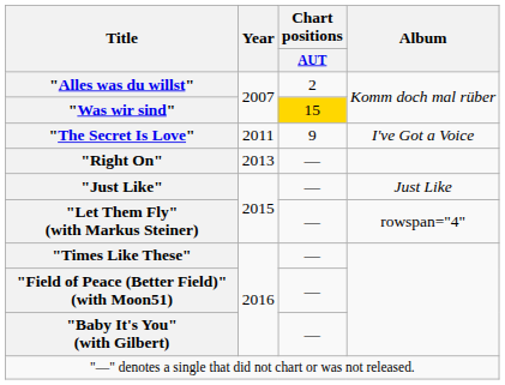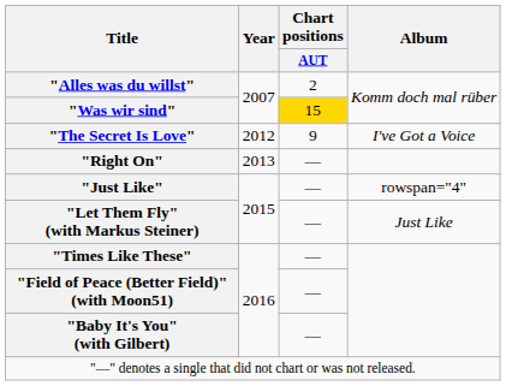 <table class="wikitable plainrowheaders" style="text-align:center;" border="1">
 <tr>
 <th scope="col" rowspan="2" style="width:14em;">Title</th>
 <th scope="col" rowspan="2" style="width:1em;">Year</th>
 <th scope="col" colspan="1">Chart positions</th>
 <th scope="col" rowspan="2">Album</th>
 </tr>
 <tr>
 <th scope="col" style="width:3em;font-size:85%"><a href='#'>AUT</a></th>
 </tr>
 <tr>
 <th scope="row">"<a href='#'>Alles was du willst</a>"</th>
 <td rowspan="2">2007</td>
 <td>2</td>
 <td rowspan="2"><em>Komm doch mal rüber</em></td>
 </tr>
 <tr>
 <th scope="row">"<a href='#'>Was wir sind</a>"</th>
 <td style="background: gold;">15</td>
 </tr>
 <tr>
 <th scope="row">"<a href='#'>The Secret Is Love</a>"</th>
-<td>2011</td>
+<td>2012</td>
 <td>9</td>
 <td><em>I've Got a Voice</em></td>
 </tr>
 <tr>
 <th scope="row">"Right On"</th>
 <td>2013</td>
 <td>—</td>
 <td></td>
 </tr>
 <tr>
 <th scope="row">"Just Like"</th>
 <td rowspan="2">2015</td>
 <td>—</td>
-<td><em>Just Like</em></td>
+<td>rowspan="4" </td>
 </tr>
 <tr>
 <th scope="row">"Let Them Fly"<br><span>(with Markus Steiner)</span></th>
 <td>—</td>
-<td>rowspan="4" </td>
+<td><em>Just Like</em></td>
 </tr>
 <tr>
 <th scope="row">"Times Like These"</th>
 <td rowspan="3">2016</td>
 <td>—</td>
 </tr>
 <tr>
 <th scope="row">"Field of Peace (Better Field)"<br><span>(with Moon51)</span></th>
 <td>—</td>
 </tr>
 <tr>
 <th scope="row">"Baby It's You"<br><span>(with Gilbert)</span></th>
 <td>—</td>
 </tr>
 <tr>
 <td colspan="20" style="text-align:center; font-size:85%;">"—" denotes a single that did not chart or was not released.</td>
 </tr>
 </table>
